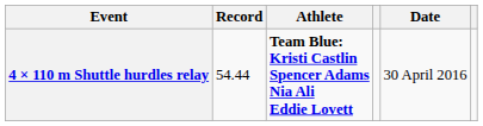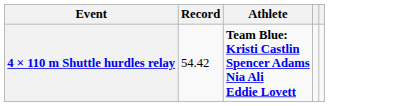 <table class="wikitable plainrowheaders">
 <tr>
 <th width=px>Event</th>
 <th width=px>Record</th>
 <th width=px>Athlete</th>
 <th width=px></th>
-<th width=px>Date</th>
 <th width=px></th>
 </tr>
 <tr>
 <th scope="row"><a href='#'>4 × 110 m Shuttle hurdles relay</a></th>
-<td>54.44</td>
+<td>54.42</td>
 <td><strong>Team Blue:<br><a href='#'>Kristi Castlin</a><br><a href='#'>Spencer Adams</a><br><a href='#'>Nia Ali</a><br><a href='#'>Eddie Lovett</a></strong></td>
 <td><br><br><br></td>
-<td>30 April 2016</td>
 <td></td>
 </tr>
 </table>
